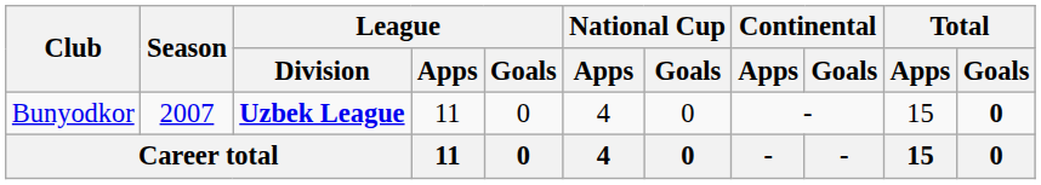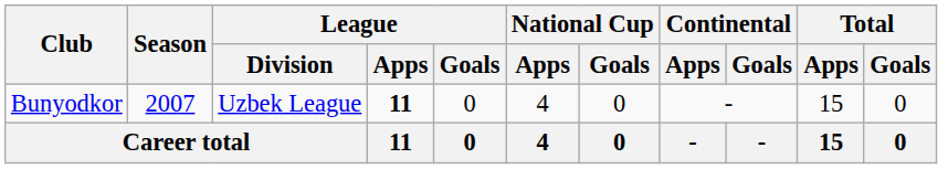 <table class="wikitable" style="text-align: center;">
 <tr>
 <th rowspan="2">Club</th>
 <th rowspan="2">Season</th>
 <th colspan="3">League</th>
 <th colspan="2">National Cup</th>
 <th colspan="2">Continental</th>
 <th colspan="2">Total</th>
 </tr>
 <tr>
 <th>Division</th>
 <th>Apps</th>
 <th>Goals</th>
 <th>Apps</th>
 <th>Goals</th>
 <th>Apps</th>
 <th>Goals</th>
 <th>Apps</th>
 <th>Goals</th>
 </tr>
 <tr>
 <td rowspan="1" valign="center"><a href='#'>Bunyodkor</a></td>
 <td><a href='#'>2007</a></td>
-<td rowspan="1" valign="center"><strong><a href='#'>Uzbek League</a></strong></td>
-<td>11</td>
+<td rowspan="1" valign="center"><a href='#'>Uzbek League</a></td>
+<td><strong>11</strong></td>
 <td>0</td>
 <td>4</td>
 <td>0</td>
 <td colspan="2">-</td>
 <td>15</td>
-<td><strong>0</strong></td>
+<td>0</td>
 </tr>
 <tr>
 <th colspan="3">Career total</th>
 <th>11</th>
 <th>0</th>
 <th>4</th>
 <th>0</th>
 <th>-</th>
 <th>-</th>
 <th>15</th>
 <th>0</th>
 </tr>
 </table>
